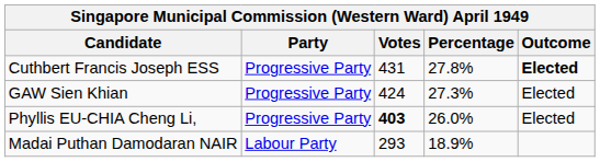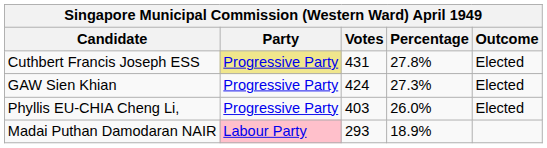 <table class="wikitable">
 <tr>
 <th colspan="5">Singapore Municipal Commission (Western Ward) April 1949</th>
 </tr>
 <tr>
 <th>Candidate</th>
 <th>Party</th>
 <th>Votes</th>
 <th>Percentage</th>
 <th>Outcome</th>
 </tr>
 <tr>
 <td>Cuthbert Francis Joseph ESS</td>
-<td><a href='#'>Progressive Party</a></td>
+<td style="background: khaki;"><a href='#'>Progressive Party</a></td>
 <td>431</td>
 <td>27.8%</td>
-<td><strong>Elected</strong></td>
+<td>Elected</td>
 </tr>
 <tr>
 <td>GAW Sien Khian</td>
 <td><a href='#'>Progressive Party</a></td>
 <td>424</td>
 <td>27.3%</td>
 <td>Elected</td>
 </tr>
 <tr>
 <td>Phyllis EU-CHIA Cheng Li,</td>
 <td><a href='#'>Progressive Party</a></td>
-<td><strong>403</strong></td>
+<td>403</td>
 <td>26.0%</td>
 <td>Elected</td>
 </tr>
 <tr>
 <td>Madai Puthan Damodaran NAIR</td>
-<td><a href='#'>Labour Party</a></td>
+<td style="background: pink;"><a href='#'>Labour Party</a></td>
 <td>293</td>
 <td>18.9%</td>
 <td></td>
 </tr>
 </table>
